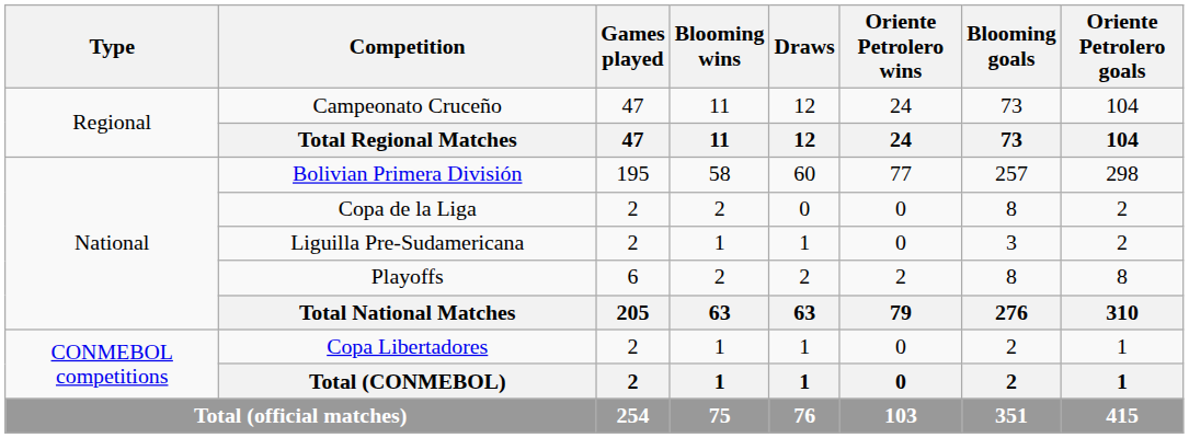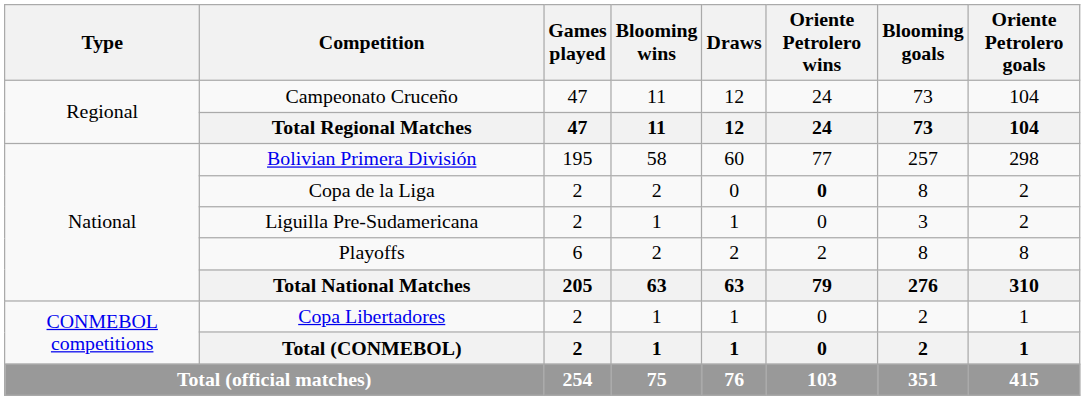 <table class="wikitable" style="text-align:center">
 <tr>
 <th width=150px>Type</th>
 <th width=270px>Competition</th>
 <th width= px>Games<br> played</th>
 <th width= px>Blooming<br> wins</th>
 <th width= px>Draws</th>
 <th width= px>Oriente Petrolero<br>wins</th>
 <th width= px>Blooming<br> goals</th>
 <th width= px>Oriente Petrolero<br> goals</th>
 </tr>
 <tr>
 <td rowspan=2>Regional</td>
 <td>Campeonato Cruceño</td>
 <td>47</td>
 <td>11</td>
 <td>12</td>
 <td>24</td>
 <td>73</td>
 <td>104</td>
 </tr>
 <tr>
 <th>Total Regional Matches</th>
 <th>47</th>
 <th>11</th>
 <th>12</th>
 <th>24</th>
 <th>73</th>
 <th>104</th>
 </tr>
 <tr>
 <td rowspan="5">National</td>
 <td><a href='#'>Bolivian Primera División</a></td>
 <td>195</td>
 <td>58</td>
 <td>60</td>
 <td>77</td>
 <td>257</td>
 <td>298</td>
 </tr>
 <tr>
 <td>Copa de la Liga</td>
 <td>2</td>
 <td>2</td>
 <td>0</td>
-<td>0</td>
+<td><strong>0</strong></td>
 <td>8</td>
 <td>2</td>
 </tr>
 <tr>
 <td>Liguilla Pre-Sudamericana</td>
 <td>2</td>
 <td>1</td>
 <td>1</td>
 <td>0</td>
 <td>3</td>
 <td>2</td>
 </tr>
 <tr>
 <td>Playoffs</td>
 <td>6</td>
 <td>2</td>
 <td>2</td>
 <td>2</td>
 <td>8</td>
 <td>8</td>
 </tr>
 <tr>
 <th>Total National Matches</th>
 <th>205</th>
 <th>63</th>
 <th>63</th>
 <th>79</th>
 <th>276</th>
 <th>310</th>
 </tr>
 <tr>
 <td rowspan="2"><a href='#'>CONMEBOL competitions</a></td>
 <td><a href='#'>Copa Libertadores</a></td>
 <td>2</td>
 <td>1</td>
 <td>1</td>
 <td>0</td>
 <td>2</td>
 <td>1</td>
 </tr>
 <tr>
 <th>Total (CONMEBOL)</th>
 <th>2</th>
 <th>1</th>
 <th>1</th>
 <th>0</th>
 <th>2</th>
 <th>1</th>
 </tr>
 <tr>
 <th colspan=2 style="background-color:#999999; color: #ffffff">Total (official matches)</th>
 <th style="background-color:#999999; color: #ffffff">254</th>
 <th style="background-color:#999999; color: #ffffff">75</th>
 <th style="background-color:#999999; color: #ffffff">76</th>
 <th style="background-color:#999999; color: #ffffff">103</th>
 <th style="background-color:#999999; color: #ffffff">351</th>
 <th style="background-color:#999999; color: #ffffff">415</th>
 </tr>
 </table>
